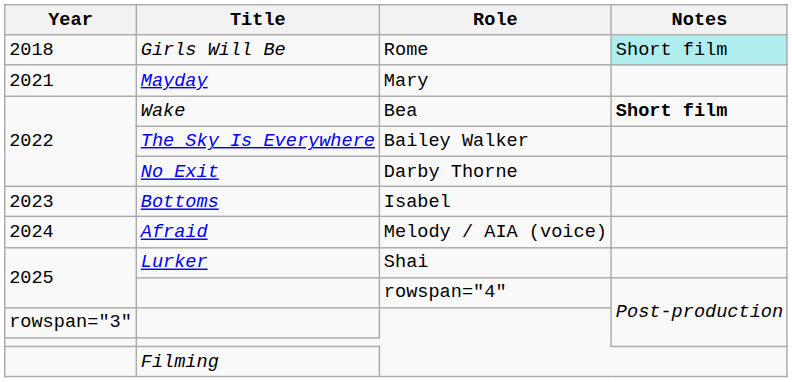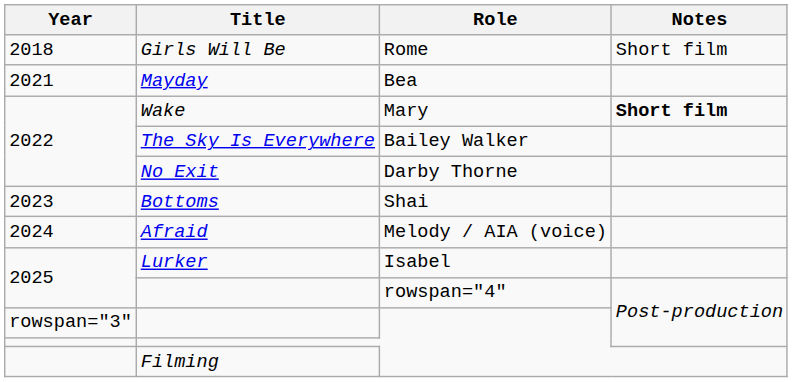 <table class="wikitable plainrowheaders sortable">
 <tr>
 <th>Year</th>
 <th>Title</th>
 <th>Role</th>
 <th class="unsortable">Notes</th>
 </tr>
 <tr>
 <td>2018</td>
 <td><em>Girls Will Be</em></td>
 <td>Rome</td>
-<td style="background: paleturquoise;">Short film</td>
+<td>Short film</td>
 </tr>
 <tr>
 <td>2021</td>
 <td><em><a href='#'>Mayday</a></em></td>
-<td>Mary</td>
+<td>Bea</td>
 <td></td>
 </tr>
 <tr>
 <td rowspan="3">2022</td>
 <td><em>Wake</em></td>
-<td>Bea</td>
+<td>Mary</td>
 <td><strong>Short film</strong></td>
 </tr>
 <tr>
 <td><em><a href='#'>The Sky Is Everywhere</a></em></td>
 <td>Bailey Walker</td>
 <td></td>
 </tr>
 <tr>
 <td><em><a href='#'>No Exit</a></em></td>
 <td>Darby Thorne</td>
 <td></td>
 </tr>
 <tr>
 <td>2023</td>
 <td><em><a href='#'>Bottoms</a></em></td>
-<td>Isabel</td>
+<td>Shai</td>
 <td></td>
 </tr>
 <tr>
 <td>2024</td>
 <td><em><a href='#'>Afraid</a></em></td>
 <td>Melody / AIA (voice)</td>
 <td></td>
 </tr>
 <tr>
 <td rowspan="2">2025</td>
 <td><em><a href='#'>Lurker</a></em></td>
-<td>Shai</td>
+<td>Isabel</td>
 <td></td>
 </tr>
 <tr>
 <td></td>
 <td>rowspan="4" </td>
 <td rowspan="3"><em>Post-production</em></td>
 </tr>
 <tr>
 <td>rowspan="3" </td>
 <td></td>
 </tr>
 <tr>
 <td></td>
 </tr>
 <tr>
 <td></td>
 <td><em>Filming</em></td>
 </tr>
 </table>
